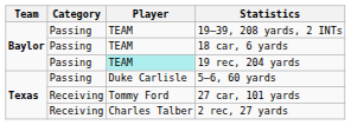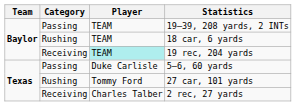 <table class="wikitable" style="float: right;">
 <tr>
 <th>Team</th>
 <th>Category</th>
 <th>Player</th>
 <th>Statistics</th>
 </tr>
 <tr>
 <td rowspan=3><strong>Baylor</strong></td>
 <td>Passing</td>
 <td>TEAM</td>
 <td>19–39, 208 yards, 2 INTs</td>
 </tr>
 <tr>
-<td>Passing</td>
+<td>Rushing</td>
 <td>TEAM</td>
 <td>18 car, 6 yards</td>
 </tr>
 <tr>
-<td>Passing</td>
+<td>Receiving</td>
 <td style="background: paleturquoise;">TEAM</td>
 <td>19 rec, 204 yards</td>
 </tr>
 <tr>
 <td rowspan=3><strong>Texas</strong></td>
 <td>Passing</td>
 <td>Duke Carlisle</td>
 <td>5–6, 60 yards</td>
 </tr>
 <tr>
-<td>Receiving</td>
+<td>Rushing</td>
 <td>Tommy Ford</td>
 <td>27 car, 101 yards</td>
 </tr>
 <tr>
 <td>Receiving</td>
 <td>Charles Talber</td>
 <td>2 rec, 27 yards</td>
 </tr>
 </table>
